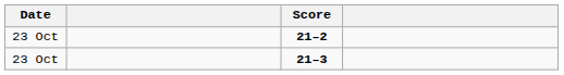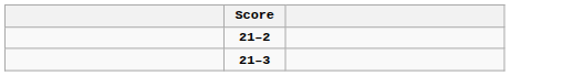 <table class="wikitable" style="text-align: center; font-size:90% ">
 <tr>
-<th width="50">Date</th>
 <th align="right" width="190"></th>
 <th width="50">Score</th>
 <th align="left" width="190"></th>
 </tr>
 <tr>
-<td>23 Oct</td>
 <td align=right><strong></strong></td>
 <td align=center><strong>21–2</strong></td>
 <td align=left></td>
 </tr>
 <tr>
-<td>23 Oct</td>
 <td align=right><strong></strong></td>
 <td align=center><strong>21–3</strong></td>
 <td align=left></td>
 </tr>
 </table>
